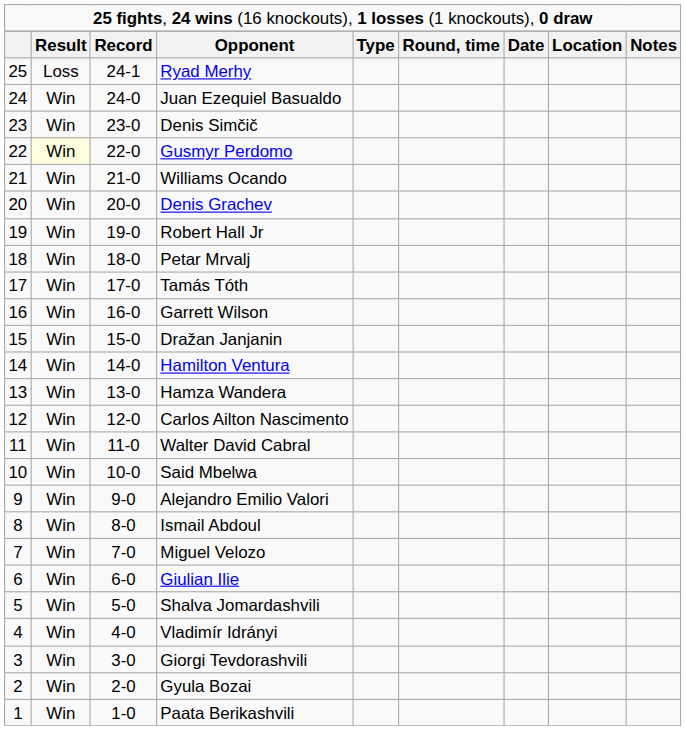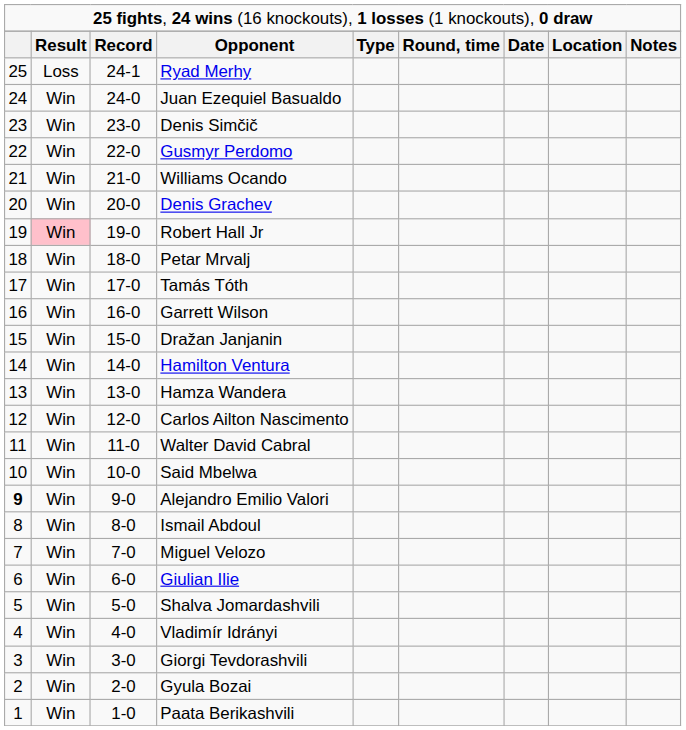 <table class="wikitable" style="text-align:center; font-size:95%">
 <tr>
 <td align="center" colspan=9><strong>25 fights</strong>, <strong>24 wins</strong> (16 knockouts), <strong>1 losses</strong> (1 knockouts), <strong>0 draw</strong></td>
 </tr>
 <tr>
 </tr>
 <tr>
 <th></th>
 <th>Result</th>
 <th>Record</th>
 <th>Opponent</th>
 <th>Type</th>
 <th>Round, time</th>
 <th>Date</th>
 <th>Location</th>
 <th>Notes</th>
 </tr>
 <tr align=center>
 <td>25</td>
 <td>Loss</td>
 <td>24-1</td>
 <td align=left> <a href='#'>Ryad Merhy</a></td>
 <td></td>
 <td></td>
 <td></td>
 <td align=left></td>
 <td align=left></td>
 </tr>
 <tr align=center>
 <td>24</td>
 <td>Win</td>
 <td>24-0</td>
 <td align=left> Juan Ezequiel Basualdo</td>
 <td></td>
 <td></td>
 <td></td>
 <td align=left></td>
 <td align=left></td>
 </tr>
 <tr align=center>
 <td>23</td>
 <td>Win</td>
 <td>23-0</td>
 <td align=left> Denis Simčič</td>
 <td></td>
 <td></td>
 <td></td>
 <td align=left></td>
 <td align=left></td>
 </tr>
 <tr align=center>
 <td>22</td>
-<td style="background: lightyellow;">Win</td>
+<td>Win</td>
 <td>22-0</td>
 <td align=left> <a href='#'>Gusmyr Perdomo</a></td>
 <td></td>
 <td></td>
 <td></td>
 <td align=left></td>
 <td align=left></td>
 </tr>
 <tr align=center>
 <td>21</td>
 <td>Win</td>
 <td>21-0</td>
 <td align=left> Williams Ocando</td>
 <td></td>
 <td></td>
 <td></td>
 <td align=left></td>
 <td align=left></td>
 </tr>
 <tr align=center>
 <td>20</td>
 <td>Win</td>
 <td>20-0</td>
 <td align=left> <a href='#'>Denis Grachev</a></td>
 <td></td>
 <td></td>
 <td></td>
 <td align=left></td>
 <td align=left></td>
 </tr>
 <tr align=center>
 <td>19</td>
-<td>Win</td>
+<td style="background: pink;">Win</td>
 <td>19-0</td>
 <td align=left> Robert Hall Jr</td>
 <td></td>
 <td></td>
 <td></td>
 <td align=left></td>
 <td align=left></td>
 </tr>
 <tr align=center>
 <td>18</td>
 <td>Win</td>
 <td>18-0</td>
 <td align=left> Petar Mrvalj</td>
 <td></td>
 <td></td>
 <td></td>
 <td align=left></td>
 <td align=left></td>
 </tr>
 <tr align=center>
 <td>17</td>
 <td>Win</td>
 <td>17-0</td>
 <td align=left> Tamás Tóth</td>
 <td></td>
 <td></td>
 <td></td>
 <td align=left></td>
 <td align=left></td>
 </tr>
 <tr align=center>
 <td>16</td>
 <td>Win</td>
 <td>16-0</td>
 <td align=left> Garrett Wilson</td>
 <td></td>
 <td></td>
 <td></td>
 <td align=left></td>
 <td align=left></td>
 </tr>
 <tr align=center>
 <td>15</td>
 <td>Win</td>
 <td>15-0</td>
 <td align=left> Dražan Janjanin</td>
 <td></td>
 <td></td>
 <td></td>
 <td align=left></td>
 <td align=left></td>
 </tr>
 <tr align=center>
 <td>14</td>
 <td>Win</td>
 <td>14-0</td>
 <td align=left> <a href='#'>Hamilton Ventura</a></td>
 <td></td>
 <td></td>
 <td></td>
 <td align=left></td>
 <td align=left></td>
 </tr>
 <tr align=center>
 <td>13</td>
 <td>Win</td>
 <td>13-0</td>
 <td align=left> Hamza Wandera</td>
 <td></td>
 <td></td>
 <td></td>
 <td align=left></td>
 <td align=left></td>
 </tr>
 <tr align=center>
 <td>12</td>
 <td>Win</td>
 <td>12-0</td>
 <td align=left> Carlos Ailton Nascimento</td>
 <td></td>
 <td></td>
 <td></td>
 <td align=left></td>
 <td align=left></td>
 </tr>
 <tr align=center>
 <td>11</td>
 <td>Win</td>
 <td>11-0</td>
 <td align=left> Walter David Cabral</td>
 <td></td>
 <td></td>
 <td></td>
 <td align=left></td>
 <td align=left></td>
 </tr>
 <tr align=center>
 <td>10</td>
 <td>Win</td>
 <td>10-0</td>
 <td align=left> Said Mbelwa</td>
 <td></td>
 <td></td>
 <td></td>
 <td align=left></td>
 <td align=left></td>
 </tr>
 <tr align=center>
-<td>9</td>
+<td><strong>9</strong></td>
 <td>Win</td>
 <td>9-0</td>
 <td align=left> Alejandro Emilio Valori</td>
 <td></td>
 <td></td>
 <td></td>
 <td align=left></td>
 <td align=left></td>
 </tr>
 <tr align=center>
 <td>8</td>
 <td>Win</td>
 <td>8-0</td>
 <td align=left> Ismail Abdoul</td>
 <td></td>
 <td></td>
 <td></td>
 <td align=left></td>
 <td align=left></td>
 </tr>
 <tr align=center>
 <td>7</td>
 <td>Win</td>
 <td>7-0</td>
 <td align=left> Miguel Velozo</td>
 <td></td>
 <td></td>
 <td></td>
 <td align=left></td>
 <td align=left></td>
 </tr>
 <tr align=center>
 <td>6</td>
 <td>Win</td>
 <td>6-0</td>
 <td align=left> <a href='#'>Giulian Ilie</a></td>
 <td></td>
 <td></td>
 <td></td>
 <td align=left></td>
 <td align=left></td>
 </tr>
 <tr align=center>
 <td>5</td>
 <td>Win</td>
 <td>5-0</td>
 <td align=left> Shalva Jomardashvili</td>
 <td></td>
 <td></td>
 <td></td>
 <td align=left></td>
 <td align=left></td>
 </tr>
 <tr align=center>
 <td>4</td>
 <td>Win</td>
 <td>4-0</td>
 <td align=left> Vladimír Idrányi</td>
 <td></td>
 <td></td>
 <td></td>
 <td align=left></td>
 <td align=left></td>
 </tr>
 <tr align=center>
 <td>3</td>
 <td>Win</td>
 <td>3-0</td>
 <td align=left> Giorgi Tevdorashvili</td>
 <td></td>
 <td></td>
 <td></td>
 <td align=left></td>
 <td align=left></td>
 </tr>
 <tr align=center>
 <td>2</td>
 <td>Win</td>
 <td>2-0</td>
 <td align=left> Gyula Bozai</td>
 <td></td>
 <td></td>
 <td></td>
 <td align=left></td>
 <td align=left></td>
 </tr>
 <tr align=center>
 <td>1</td>
 <td>Win</td>
 <td>1-0</td>
 <td align=left> Paata Berikashvili</td>
 <td></td>
 <td></td>
 <td></td>
 <td align=left></td>
 <td align=left></td>
 </tr>
 <tr align=center>
 </tr>
 </table>
